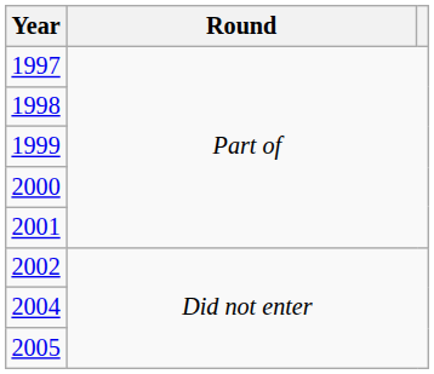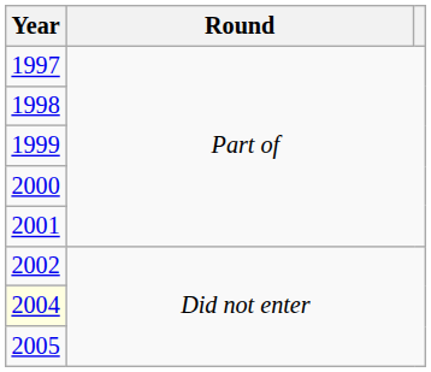 <table class="wikitable" style="text-align: center; font-size:90%">
 <tr>
 <th>Year</th>
 <th style="width:200px">Round</th>
 <th></th>
 </tr>
 <tr>
 <td><a href='#'>1997</a></td>
 <td colspan="2" rowspan="5"><em>Part of </em></td>
 </tr>
 <tr>
 <td><a href='#'>1998</a></td>
 </tr>
 <tr>
 <td><a href='#'>1999</a></td>
 </tr>
 <tr>
 <td><a href='#'>2000</a></td>
 </tr>
 <tr>
 <td><a href='#'>2001</a></td>
 </tr>
 <tr>
 <td><a href='#'>2002</a></td>
 <td colspan="2" rowspan="3"><em>Did not enter</em></td>
 </tr>
 <tr>
-<td><a href='#'>2004</a></td>
+<td style="background: lightyellow;"><a href='#'>2004</a></td>
 </tr>
 <tr>
 <td><a href='#'>2005</a></td>
 </tr>
 </table>
